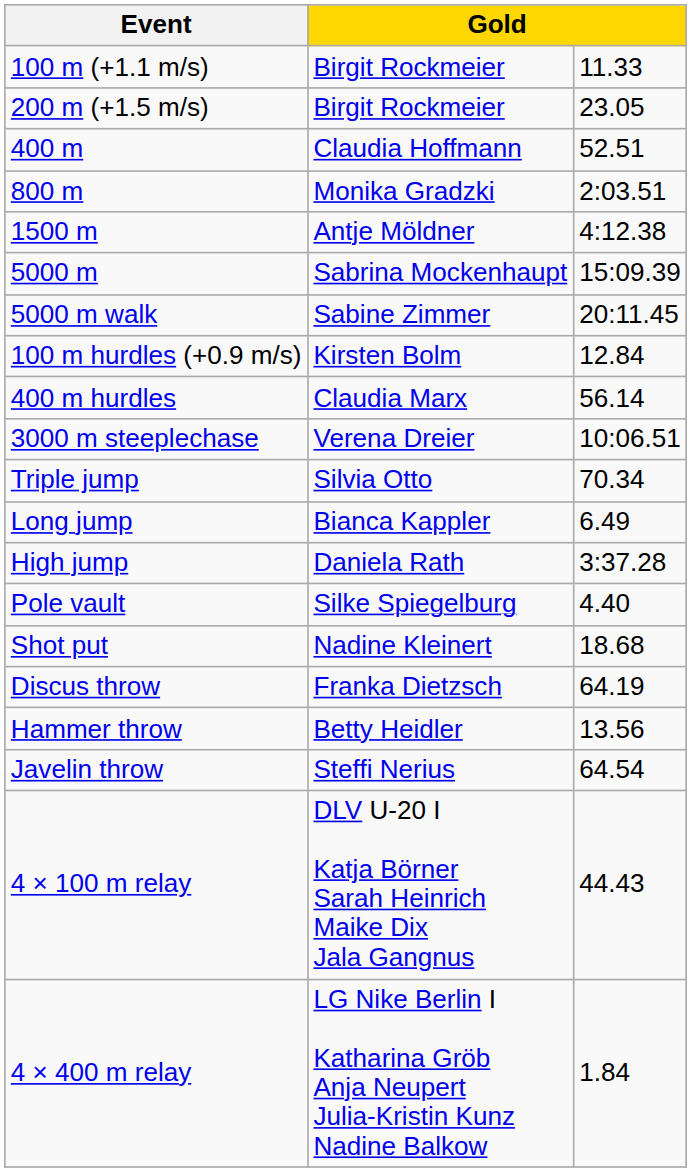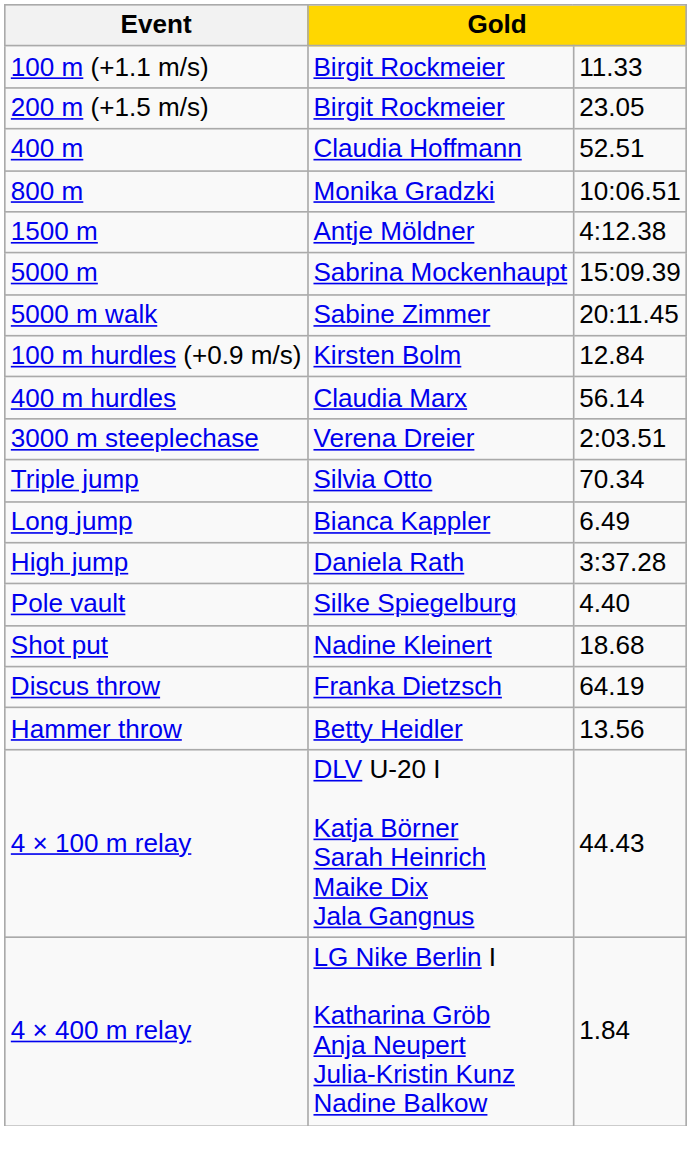 <table class="wikitable">
 <tr>
 <th>Event</th>
 <th style="background:gold;" colspan=2>Gold</th>
 </tr>
 <tr>
 <td><a href='#'>100 m</a> (+1.1 m/s)</td>
 <td><a href='#'>Birgit Rockmeier</a></td>
 <td>11.33 </td>
 </tr>
 <tr>
 <td><a href='#'>200 m</a> (+1.5 m/s)</td>
 <td><a href='#'>Birgit Rockmeier</a></td>
 <td>23.05 </td>
 </tr>
 <tr>
 <td><a href='#'>400 m</a></td>
 <td><a href='#'>Claudia Hoffmann</a></td>
 <td>52.51 </td>
 </tr>
 <tr>
 <td><a href='#'>800 m</a></td>
 <td><a href='#'>Monika Gradzki</a></td>
-<td>2:03.51</td>
+<td>10:06.51</td>
 </tr>
 <tr>
 <td><a href='#'>1500 m</a></td>
 <td><a href='#'>Antje Möldner</a></td>
 <td>4:12.38 </td>
 </tr>
 <tr>
 <td><a href='#'>5000 m</a></td>
 <td><a href='#'>Sabrina Mockenhaupt</a></td>
 <td>15:09.39 </td>
 </tr>
 <tr>
 <td><a href='#'>5000 m walk</a></td>
 <td><a href='#'>Sabine Zimmer</a></td>
 <td>20:11.45 </td>
 </tr>
 <tr>
 <td><a href='#'>100 m hurdles</a> (+0.9 m/s)</td>
 <td><a href='#'>Kirsten Bolm</a></td>
 <td>12.84</td>
 </tr>
 <tr>
 <td><a href='#'>400 m hurdles</a></td>
 <td><a href='#'>Claudia Marx</a></td>
 <td>56.14</td>
 </tr>
 <tr>
 <td><a href='#'>3000 m steeplechase</a></td>
 <td><a href='#'>Verena Dreier</a></td>
-<td>10:06.51</td>
+<td>2:03.51</td>
 </tr>
 <tr>
 <td><a href='#'>Triple jump</a></td>
 <td><a href='#'>Silvia Otto</a></td>
 <td>70.34</td>
 </tr>
 <tr>
 <td><a href='#'>Long jump</a></td>
 <td><a href='#'>Bianca Kappler</a></td>
 <td>6.49</td>
 </tr>
 <tr>
 <td><a href='#'>High jump</a></td>
 <td><a href='#'>Daniela Rath</a></td>
 <td>3:37.28 </td>
 </tr>
 <tr>
 <td><a href='#'>Pole vault</a></td>
 <td><a href='#'>Silke Spiegelburg</a></td>
 <td>4.40 </td>
 </tr>
 <tr>
 <td><a href='#'>Shot put</a></td>
 <td><a href='#'>Nadine Kleinert</a></td>
 <td>18.68</td>
 </tr>
 <tr>
 <td><a href='#'>Discus throw</a></td>
 <td><a href='#'>Franka Dietzsch</a></td>
 <td>64.19</td>
 </tr>
 <tr>
 <td><a href='#'>Hammer throw</a></td>
 <td><a href='#'>Betty Heidler</a></td>
 <td>13.56</td>
 </tr>
 <tr>
-<td><a href='#'>Javelin throw</a></td>
-<td><a href='#'>Steffi Nerius</a></td>
-<td>64.54</td>
-</tr>
-<tr>
 <td><a href='#'>4 × 100 m relay</a></td>
 <td><a href='#'>DLV</a> U-20 I <br><br><a href='#'>Katja Börner</a> <br> <a href='#'>Sarah Heinrich</a> <br> <a href='#'>Maike Dix</a> <br> <a href='#'>Jala Gangnus</a></td>
 <td>44.43 </td>
 </tr>
 <tr>
 <td><a href='#'>4 × 400 m relay</a></td>
 <td><a href='#'>LG Nike Berlin</a> I <br><br><a href='#'>Katharina Gröb</a> <br> <a href='#'>Anja Neupert</a> <br> <a href='#'>Julia-Kristin Kunz</a> <br> <a href='#'>Nadine Balkow</a></td>
 <td>1.84 </td>
 </tr>
 </table>
